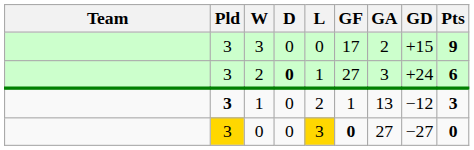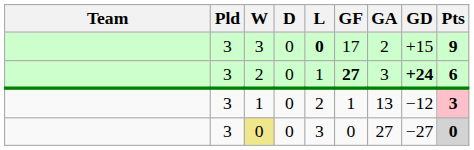 <table class="wikitable" style="text-align:center;">
 <tr>
 <th width=180>Team</th>
 <th width=20>Pld</th>
 <th width=20>W</th>
 <th width=20>D</th>
 <th width=20>L</th>
 <th width=20>GF</th>
 <th width=20>GA</th>
 <th width=20>GD</th>
 <th width=20>Pts</th>
 </tr>
 <tr bgcolor="ccffcc">
 <td align="left"></td>
 <td>3</td>
 <td>3</td>
 <td>0</td>
-<td>0</td>
+<td><strong>0</strong></td>
 <td>17</td>
 <td>2</td>
 <td>+15</td>
 <td><strong>9</strong></td>
 </tr>
 <tr bgcolor="ccffcc">
 <td align="left"><em></em></td>
 <td>3</td>
 <td>2</td>
-<td><strong>0</strong></td>
+<td>0</td>
 <td>1</td>
-<td>27</td>
+<td><strong>27</strong></td>
 <td>3</td>
-<td>+24</td>
+<td><strong>+24</strong></td>
 <td><strong>6</strong></td>
 </tr>
 <tr style="border-bottom:3px solid green;">
 </tr>
 <tr>
 <td align="left"></td>
-<td><strong>3</strong></td>
+<td>3</td>
 <td>1</td>
 <td>0</td>
 <td>2</td>
 <td>1</td>
 <td>13</td>
 <td>−12</td>
-<td><strong>3</strong></td>
+<td style="background: pink;"><strong>3</strong></td>
 </tr>
 <tr>
 <td align="left"></td>
-<td style="background: gold;">3</td>
+<td>3</td>
+<td style="background: khaki;">0</td>
 <td>0</td>
+<td>3</td>
 <td>0</td>
-<td style="background: gold;">3</td>
-<td><strong>0</strong></td>
 <td>27</td>
 <td>−27</td>
-<td><strong>0</strong></td>
+<td style="background: lightgrey;"><strong>0</strong></td>
 </tr>
 </table>
